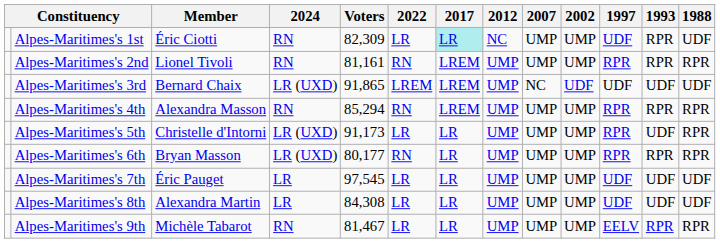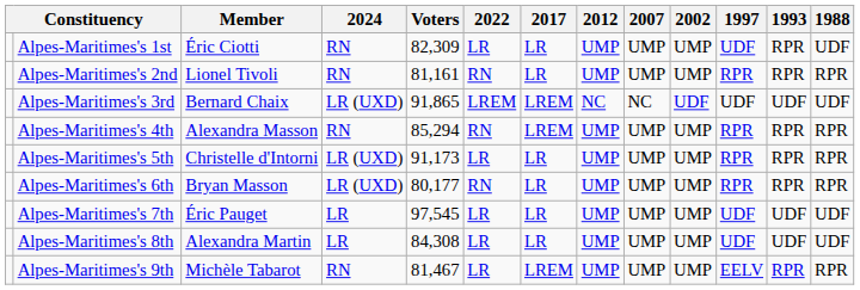 <table class="wikitable sortable">
 <tr>
 <th colspan="2">Constituency</th>
 <th>Member</th>
 <th>2024</th>
 <th>Voters</th>
 <th>2022</th>
 <th>2017</th>
 <th>2012</th>
 <th>2007</th>
 <th>2002</th>
 <th>1997</th>
 <th>1993</th>
 <th>1988</th>
 </tr>
 <tr>
 <td style="background-color: "></td>
 <td><a href='#'>Alpes-Maritimes's 1st</a></td>
 <td><a href='#'>Éric Ciotti</a></td>
 <td><a href='#'>RN</a></td>
 <td>82,309</td>
 <td><a href='#'>LR</a></td>
-<td style="background: paleturquoise;"><a href='#'>LR</a></td>
-<td bgcolor=><a href='#'>NC</a></td>
+<td><a href='#'>LR</a></td>
+<td bgcolor=><a href='#'>UMP</a></td>
 <td bgcolor=>UMP</td>
 <td bgcolor=>UMP</td>
 <td bgcolor=><a href='#'>UDF</a></td>
 <td bgcolor=>RPR</td>
 <td bgcolor=>UDF</td>
 </tr>
 <tr>
 <td style="background-color: "></td>
 <td><a href='#'>Alpes-Maritimes's 2nd</a></td>
 <td><a href='#'>Lionel Tivoli</a></td>
 <td><a href='#'>RN</a></td>
 <td>81,161</td>
 <td><a href='#'>RN</a></td>
-<td><a href='#'>LREM</a></td>
+<td><a href='#'>LR</a></td>
 <td bgcolor=><a href='#'>UMP</a></td>
 <td bgcolor=>UMP</td>
 <td bgcolor=>UMP</td>
 <td bgcolor=><a href='#'>RPR</a></td>
 <td bgcolor=>RPR</td>
 <td bgcolor=>RPR</td>
 </tr>
 <tr>
 <td style="background-color: "></td>
 <td><a href='#'>Alpes-Maritimes's 3rd</a></td>
 <td><a href='#'>Bernard Chaix</a></td>
 <td><a href='#'>LR</a> (<a href='#'>UXD</a>)</td>
 <td>91,865</td>
 <td><a href='#'>LREM</a></td>
 <td><a href='#'>LREM</a></td>
-<td bgcolor=><a href='#'>UMP</a></td>
+<td bgcolor=><a href='#'>NC</a></td>
 <td bgcolor=>NC</td>
 <td bgcolor=><a href='#'>UDF</a></td>
 <td bgcolor=>UDF</td>
 <td bgcolor=>UDF</td>
 <td bgcolor=>UDF</td>
 </tr>
 <tr>
 <td style="background-color: "></td>
 <td><a href='#'>Alpes-Maritimes's 4th</a></td>
 <td><a href='#'>Alexandra Masson</a></td>
 <td><a href='#'>RN</a></td>
 <td>85,294</td>
 <td><a href='#'>RN</a></td>
 <td><a href='#'>LREM</a></td>
 <td bgcolor=><a href='#'>UMP</a></td>
 <td bgcolor=>UMP</td>
 <td bgcolor=>UMP</td>
 <td bgcolor=><a href='#'>RPR</a></td>
 <td bgcolor=>RPR</td>
 <td bgcolor=>RPR</td>
 </tr>
 <tr>
 <td style="background-color: "></td>
 <td><a href='#'>Alpes-Maritimes's 5th</a></td>
 <td><a href='#'>Christelle d'Intorni</a></td>
 <td><a href='#'>LR</a> (<a href='#'>UXD</a>)</td>
 <td>91,173</td>
 <td><a href='#'>LR</a></td>
 <td><a href='#'>LR</a></td>
 <td bgcolor=><a href='#'>UMP</a></td>
 <td bgcolor=>UMP</td>
 <td bgcolor=>UMP</td>
 <td bgcolor=><a href='#'>RPR</a></td>
-<td bgcolor=>UDF</td>
+<td bgcolor=>RPR</td>
 <td bgcolor=>RPR</td>
 </tr>
 <tr>
 <td style="background-color: "></td>
 <td><a href='#'>Alpes-Maritimes's 6th</a></td>
 <td><a href='#'>Bryan Masson</a></td>
 <td><a href='#'>LR</a> (<a href='#'>UXD</a>)</td>
 <td>80,177</td>
 <td><a href='#'>RN</a></td>
 <td><a href='#'>LR</a></td>
 <td bgcolor=><a href='#'>UMP</a></td>
 <td bgcolor=>UMP</td>
 <td bgcolor=>UMP</td>
 <td bgcolor=><a href='#'>RPR</a></td>
 <td bgcolor=>RPR</td>
 <td bgcolor=>RPR</td>
 </tr>
 <tr>
 <td style="background-color: "></td>
 <td><a href='#'>Alpes-Maritimes's 7th</a></td>
 <td><a href='#'>Éric Pauget</a></td>
 <td><a href='#'>LR</a></td>
 <td>97,545</td>
 <td><a href='#'>LR</a></td>
 <td><a href='#'>LR</a></td>
 <td bgcolor=><a href='#'>UMP</a></td>
 <td bgcolor=>UMP</td>
 <td bgcolor=>UMP</td>
 <td bgcolor=><a href='#'>UDF</a></td>
 <td bgcolor=>UDF</td>
 <td bgcolor=>UDF</td>
 </tr>
 <tr>
 <td style="background-color: "></td>
 <td><a href='#'>Alpes-Maritimes's 8th</a></td>
 <td><a href='#'>Alexandra Martin</a></td>
 <td><a href='#'>LR</a></td>
 <td>84,308</td>
 <td><a href='#'>LR</a></td>
 <td><a href='#'>LR</a></td>
 <td bgcolor=><a href='#'>UMP</a></td>
 <td bgcolor=>UMP</td>
 <td bgcolor=>UMP</td>
 <td bgcolor=><a href='#'>UDF</a></td>
 <td bgcolor=>UDF</td>
 <td bgcolor=>UDF</td>
 </tr>
 <tr>
 <td style="background-color: "></td>
 <td><a href='#'>Alpes-Maritimes's 9th</a></td>
 <td><a href='#'>Michèle Tabarot</a></td>
 <td><a href='#'>RN</a></td>
 <td>81,467</td>
 <td><a href='#'>LR</a></td>
-<td><a href='#'>LR</a></td>
+<td><a href='#'>LREM</a></td>
 <td bgcolor=><a href='#'>UMP</a></td>
 <td bgcolor=>UMP</td>
 <td bgcolor=>UMP</td>
 <td bgcolor=><a href='#'>EELV</a></td>
 <td bgcolor=><a href='#'>RPR</a></td>
 <td bgcolor=>RPR</td>
 </tr>
 </table>
